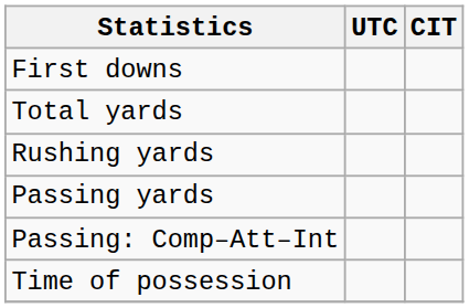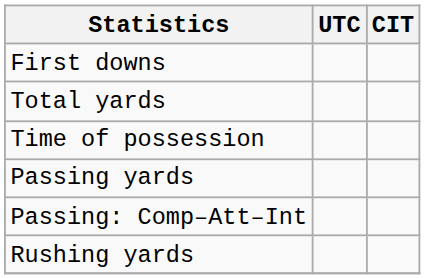 <table class="wikitable" style="float: left;">
 <tr>
 <th>Statistics</th>
 <th>UTC</th>
 <th>CIT</th>
 </tr>
 <tr>
 <td>First downs</td>
 <td></td>
 <td></td>
 </tr>
 <tr>
 <td>Total yards</td>
 <td></td>
 <td></td>
 </tr>
 <tr>
-<td>Rushing yards</td>
+<td>Time of possession</td>
 <td></td>
 <td></td>
 </tr>
 <tr>
 <td>Passing yards</td>
 <td></td>
 <td></td>
 </tr>
 <tr>
 <td>Passing: Comp–Att–Int</td>
 <td></td>
 <td></td>
 </tr>
 <tr>
-<td>Time of possession</td>
+<td>Rushing yards</td>
 <td></td>
 <td></td>
 </tr>
 <tr>
 </tr>
 </table>
